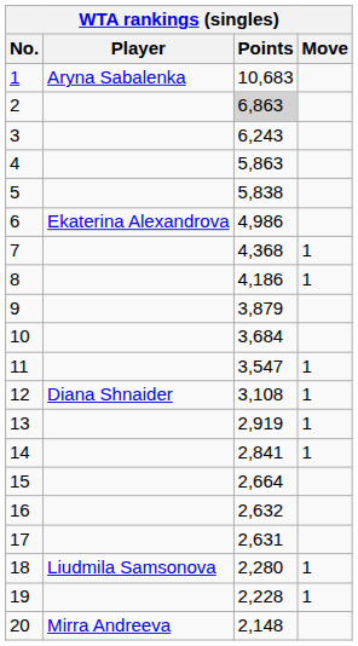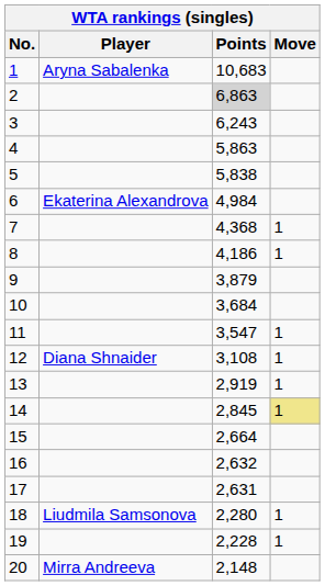 <table class="wikitable nowrap defaultcenter col2left" style="display:inline-table">
 <tr>
 <th colspan="4" scope="col"><a href='#'>WTA rankings</a> (singles) </th>
 </tr>
 <tr>
 <th scope="col" style=width30>No.</th>
 <th scope="col" style=width222>Player</th>
 <th scope="col" style=width50>Points</th>
 <th scope="col">Move</th>
 </tr>
 <tr>
 <td><a href='#'>1</a></td>
 <td> <a href='#'>Aryna Sabalenka</a></td>
 <td>10,683</td>
 <td></td>
 </tr>
 <tr>
 <td>2</td>
 <td></td>
 <td style="background: lightgrey;">6,863</td>
 <td></td>
 </tr>
 <tr>
 <td>3</td>
 <td></td>
 <td>6,243</td>
 <td></td>
 </tr>
 <tr>
 <td>4</td>
 <td></td>
 <td>5,863</td>
 <td></td>
 </tr>
 <tr>
 <td>5</td>
 <td></td>
 <td>5,838</td>
 <td></td>
 </tr>
 <tr>
 <td>6</td>
 <td> <a href='#'>Ekaterina Alexandrova</a></td>
-<td>4,986</td>
+<td>4,984</td>
 <td></td>
 </tr>
 <tr>
 <td>7</td>
 <td></td>
 <td>4,368</td>
 <td> 1</td>
 </tr>
 <tr>
 <td>8</td>
 <td></td>
 <td>4,186</td>
 <td> 1</td>
 </tr>
 <tr>
 <td>9</td>
 <td></td>
 <td>3,879</td>
 <td></td>
 </tr>
 <tr>
 <td>10</td>
 <td></td>
 <td>3,684</td>
 <td></td>
 </tr>
 <tr>
 <td>11</td>
 <td></td>
 <td>3,547</td>
 <td> 1</td>
 </tr>
 <tr>
 <td>12</td>
 <td> <a href='#'>Diana Shnaider</a></td>
 <td>3,108</td>
 <td> 1</td>
 </tr>
 <tr>
 <td>13</td>
 <td></td>
 <td>2,919</td>
 <td> 1</td>
 </tr>
 <tr>
 <td>14</td>
 <td></td>
-<td>2,841</td>
-<td> 1</td>
+<td>2,845</td>
+<td style="background: khaki;"> 1</td>
 </tr>
 <tr>
 <td>15</td>
 <td></td>
 <td>2,664</td>
 <td></td>
 </tr>
 <tr>
 <td>16</td>
 <td></td>
 <td>2,632</td>
 <td></td>
 </tr>
 <tr>
 <td>17</td>
 <td></td>
 <td>2,631</td>
 <td></td>
 </tr>
 <tr>
 <td>18</td>
 <td> <a href='#'>Liudmila Samsonova</a></td>
 <td>2,280</td>
 <td> 1</td>
 </tr>
 <tr>
 <td>19</td>
 <td></td>
 <td>2,228</td>
 <td> 1</td>
 </tr>
 <tr>
 <td>20</td>
 <td> <a href='#'>Mirra Andreeva</a></td>
 <td>2,148</td>
 <td></td>
 </tr>
 </table>
